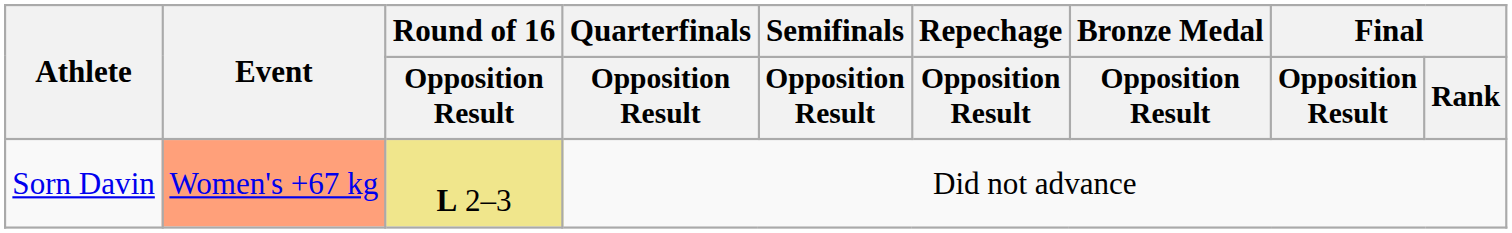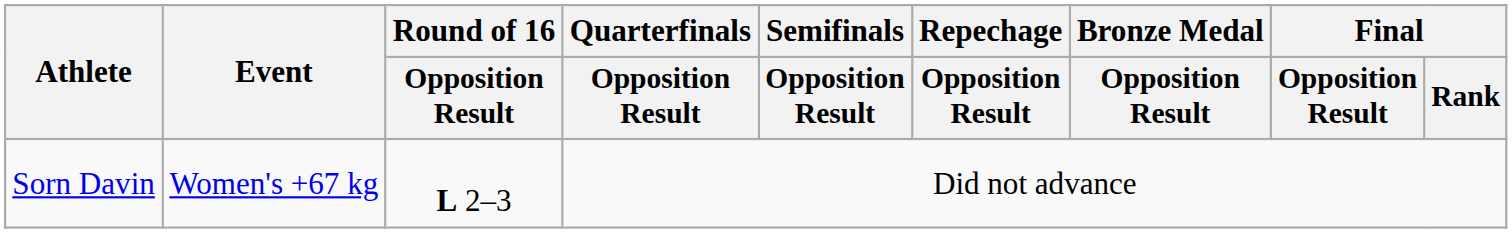 <table class="wikitable" style="font-size:90%">
 <tr>
 <th rowspan=2>Athlete</th>
 <th rowspan=2>Event</th>
 <th>Round of 16</th>
 <th>Quarterfinals</th>
 <th>Semifinals</th>
 <th>Repechage</th>
 <th>Bronze Medal</th>
 <th colspan=2>Final</th>
 </tr>
 <tr style="font-size:95%">
 <th>Opposition<br>Result</th>
 <th>Opposition<br>Result</th>
 <th>Opposition<br>Result</th>
 <th>Opposition<br>Result</th>
 <th>Opposition<br>Result</th>
 <th>Opposition<br>Result</th>
 <th>Rank</th>
 </tr>
 <tr align=center>
 <td align=left><a href='#'>Sorn Davin</a></td>
-<td align=left style="background: lightsalmon;"><a href='#'>Women's +67 kg</a></td>
-<td style="background: khaki;"><br><strong>L</strong> 2–3</td>
+<td align=left><a href='#'>Women's +67 kg</a></td>
+<td><br><strong>L</strong> 2–3</td>
 <td colspan=6>Did not advance</td>
 </tr>
 </table>
